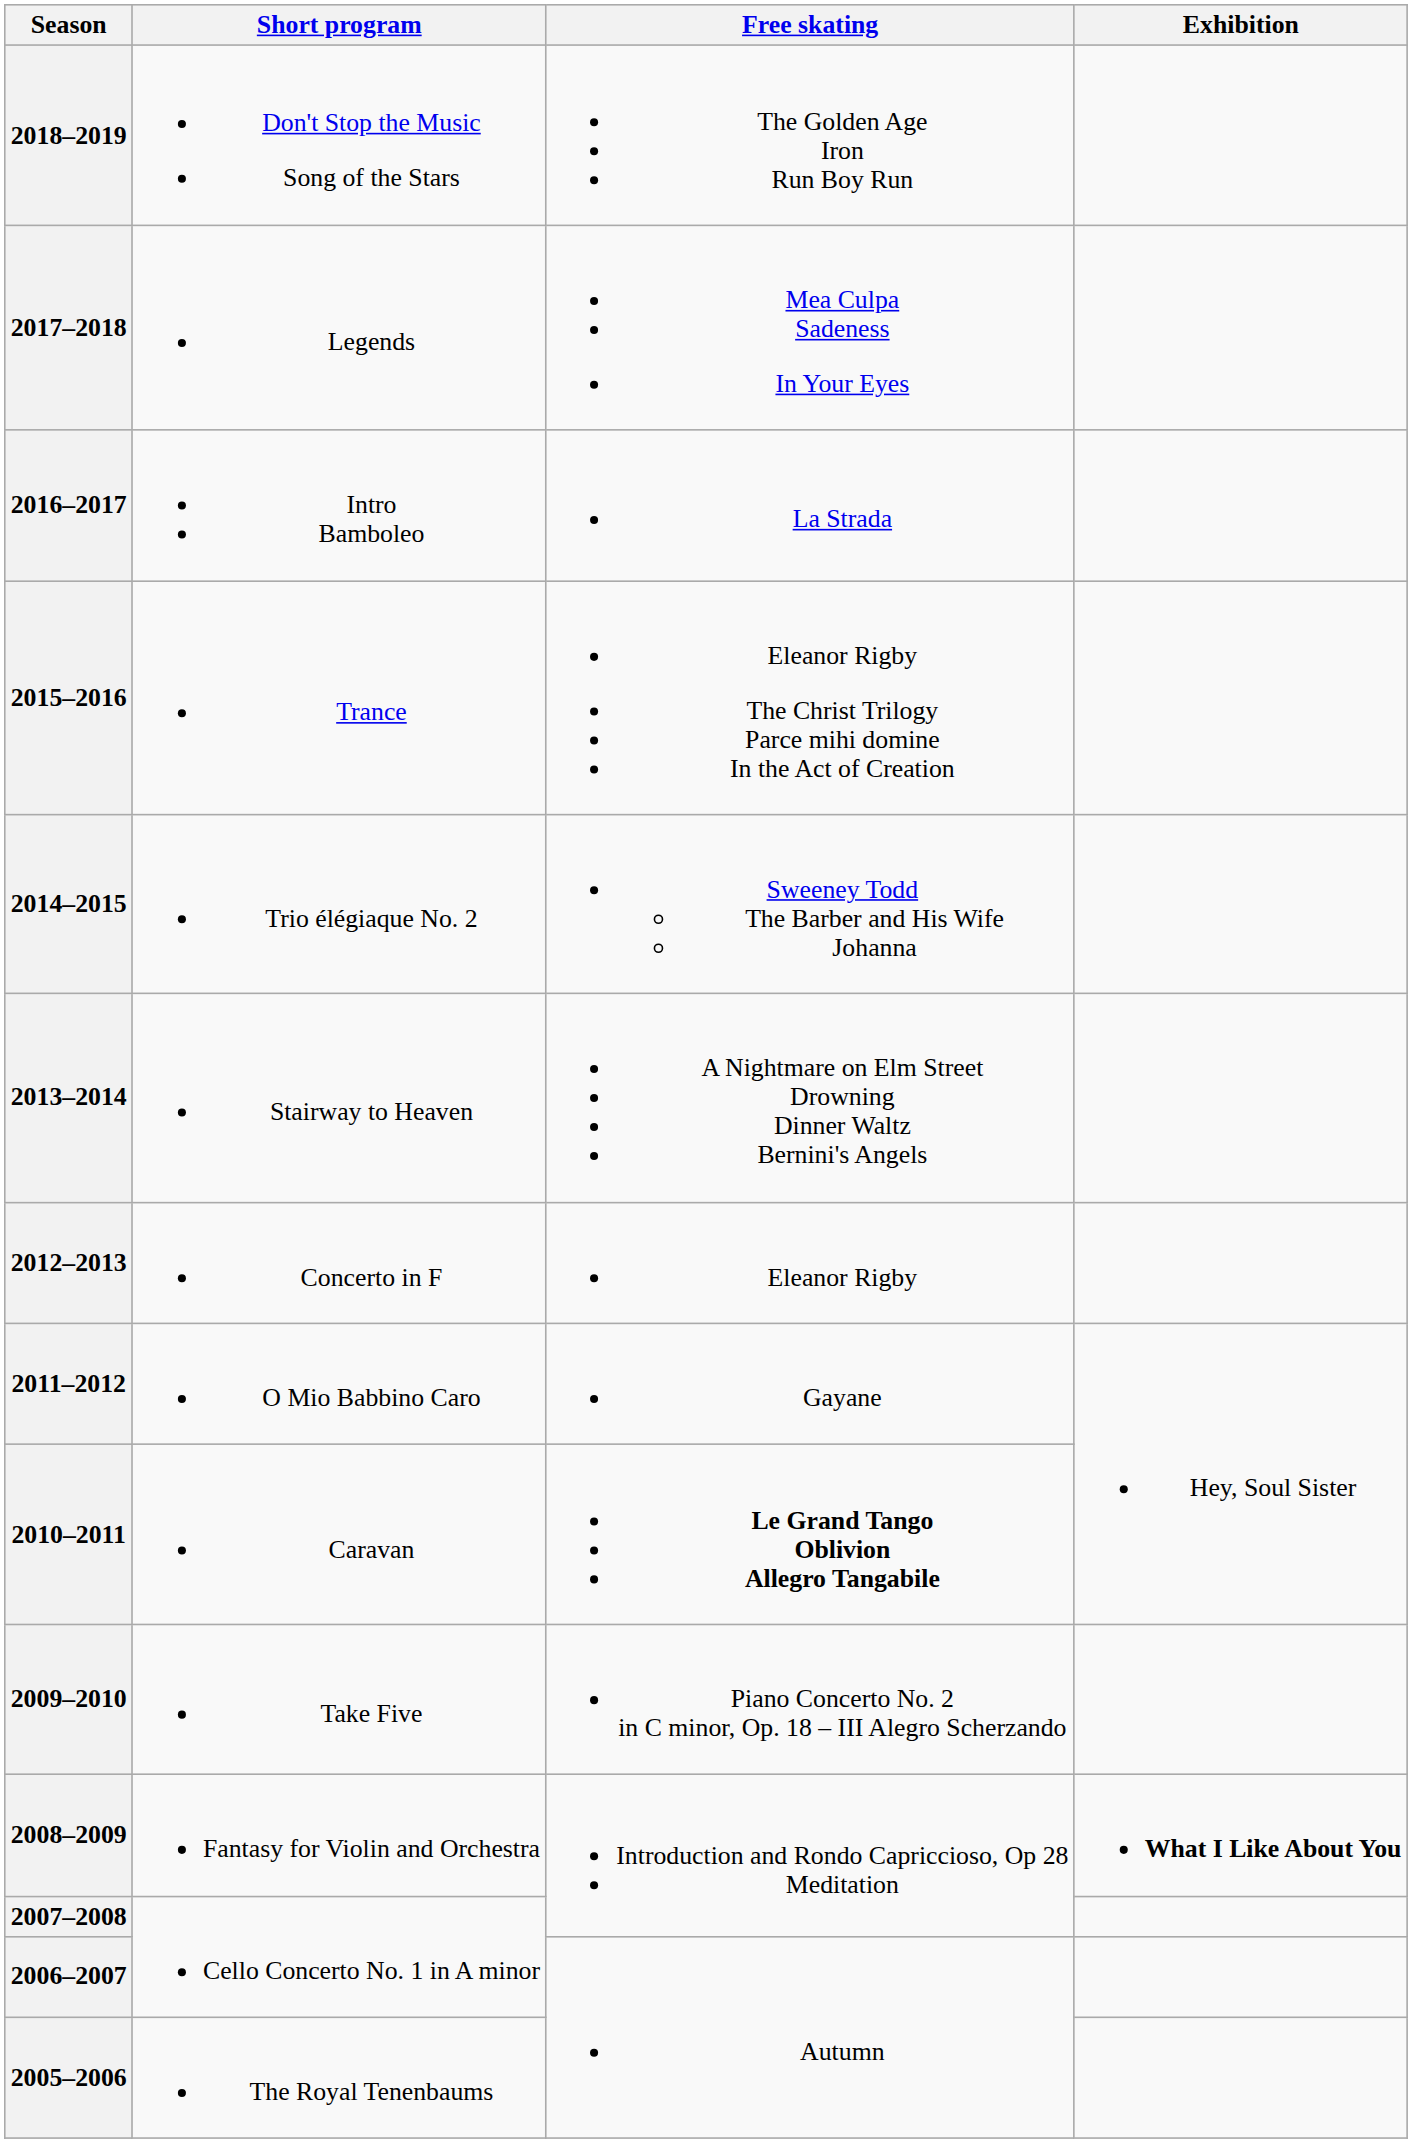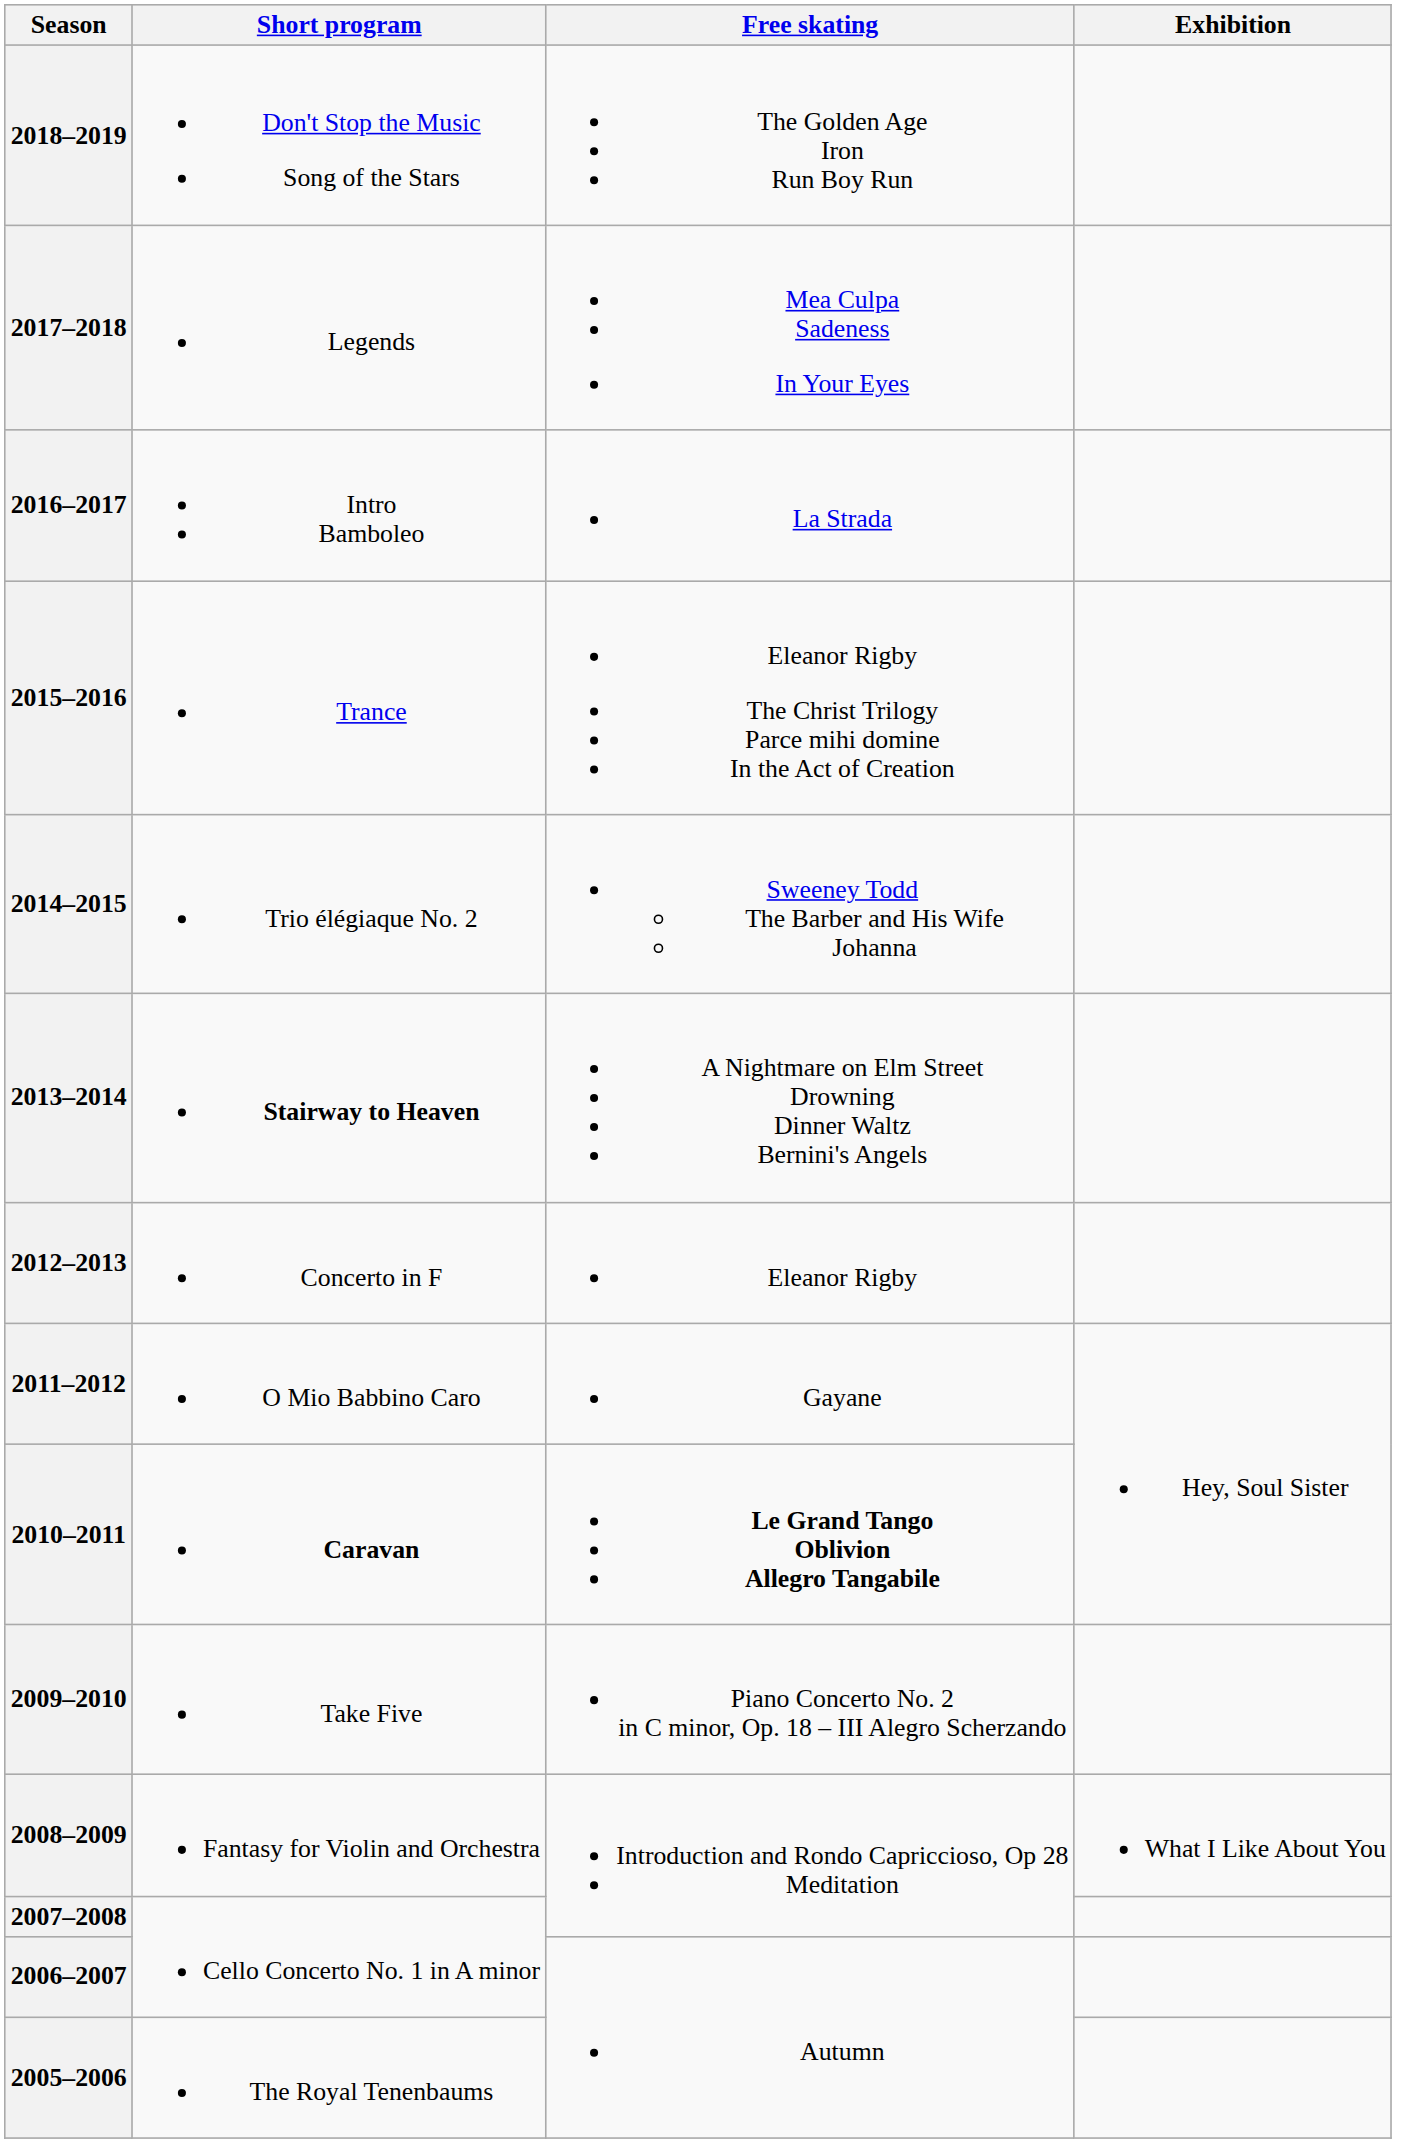 <table class=wikitable style=text-align:center>
 <tr>
 <th>Season</th>
 <th><a href='#'>Short program</a></th>
 <th><a href='#'>Free skating</a></th>
 <th>Exhibition</th>
 </tr>
 <tr>
 <th>2018–2019 <br></th>
 <td><br><ul><li><a href='#'>Don't Stop the Music</a> <br></li></ul><ul><li>Song of the Stars <br></li></ul></td>
 <td><br><ul><li>The Golden Age <br></li><li>Iron <br></li><li>Run Boy Run <br></li></ul></td>
 <td></td>
 </tr>
 <tr>
 <th>2017–2018 <br></th>
 <td><br><ul><li>Legends <br></li></ul></td>
 <td><br><ul><li><a href='#'>Mea Culpa</a></li><li><a href='#'>Sadeness</a> <br></li></ul><ul><li><a href='#'>In Your Eyes</a> <br></li></ul></td>
 <td></td>
 </tr>
 <tr>
 <th>2016–2017 <br></th>
 <td><br><ul><li>Intro <br></li><li>Bamboleo <br></li></ul></td>
 <td><br><ul><li><a href='#'>La Strada</a> <br></li></ul></td>
 <td></td>
 </tr>
 <tr>
 <th>2015–2016 <br></th>
 <td><br><ul><li><a href='#'>Trance</a> <br></li></ul></td>
 <td><br><ul><li>Eleanor Rigby <br></li></ul><ul><li>The Christ Trilogy <br></li><li>Parce mihi domine <br></li><li>In the Act of Creation <br></li></ul></td>
 <td></td>
 </tr>
 <tr>
 <th>2014–2015 <br> </th>
 <td><br><ul><li>Trio élégiaque No. 2 <br></li></ul></td>
 <td><br><ul><li><a href='#'>Sweeney Todd</a> <br><ul><li>The Barber and His Wife</li><li>Johanna <br></li></ul></li></ul></td>
 <td></td>
 </tr>
 <tr>
 <th>2013–2014 <br> </th>
-<td><br><ul><li>Stairway to Heaven <br></li></ul></td>
+<td><strong><br><ul><li>Stairway to Heaven <br></li></ul></strong></td>
 <td><br><ul><li>A Nightmare on Elm Street <br></li><li>Drowning <br></li><li>Dinner Waltz <br></li><li>Bernini's Angels <br></li></ul></td>
 <td></td>
 </tr>
 <tr>
 <th>2012–2013 <br> </th>
 <td><br><ul><li>Concerto in F <br></li></ul></td>
 <td><br><ul><li>Eleanor Rigby <br></li></ul></td>
 <td></td>
 </tr>
 <tr>
 <th>2011–2012 <br> </th>
 <td><br><ul><li>O Mio Babbino Caro <br></li></ul></td>
 <td><br><ul><li>Gayane <br></li></ul></td>
 <td rowspan=2><br><ul><li>Hey, Soul Sister</li></ul></td>
 </tr>
 <tr>
 <th>2010–2011 <br> </th>
-<td><br><ul><li>Caravan <br></li></ul></td>
+<td><strong><br><ul><li>Caravan <br></li></ul></strong></td>
 <td><strong><br><ul><li>Le Grand Tango</li><li>Oblivion</li><li>Allegro Tangabile <br></li></ul></strong></td>
 </tr>
 <tr>
 <th>2009–2010 <br> </th>
 <td><br><ul><li>Take Five <br></li></ul></td>
 <td><br><ul><li>Piano Concerto No. 2 <br> in C minor, Op. 18 – III Alegro Scherzando <br></li></ul></td>
 <td></td>
 </tr>
 <tr>
 <th>2008–2009 <br> </th>
 <td><br><ul><li>Fantasy for Violin and Orchestra <br></li></ul></td>
 <td rowspan=2><br><ul><li>Introduction and Rondo Capriccioso, Op 28 <br></li><li>Meditation <br></li></ul></td>
-<td><strong><br><ul><li>What I Like About You <br></li></ul></strong></td>
+<td><br><ul><li>What I Like About You <br></li></ul></td>
 </tr>
 <tr>
 <th>2007–2008 <br> </th>
 <td rowspan=2><br><ul><li>Cello Concerto No. 1 in A minor <br></li></ul></td>
 <td></td>
 </tr>
 <tr>
 <th>2006–2007 <br> </th>
 <td rowspan=2><br><ul><li>Autumn <br></li></ul></td>
 <td></td>
 </tr>
 <tr>
 <th>2005–2006 <br> </th>
 <td><br><ul><li>The Royal Tenenbaums</li></ul></td>
 <td></td>
 </tr>
 </table>
